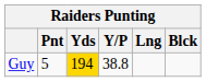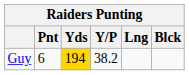 <table class="wikitable">
 <tr>
 <th colspan="6">Raiders Punting</th>
 </tr>
 <tr>
 <th></th>
 <th>Pnt</th>
 <th>Yds</th>
 <th>Y/P</th>
 <th>Lng</th>
 <th>Blck</th>
 </tr>
 <tr>
 <td><a href='#'>Guy</a></td>
-<td>5</td>
+<td>6</td>
 <td style="background: gold;">194</td>
-<td>38.8</td>
+<td>38.2</td>
 <td></td>
 <td></td>
 </tr>
 </table>
